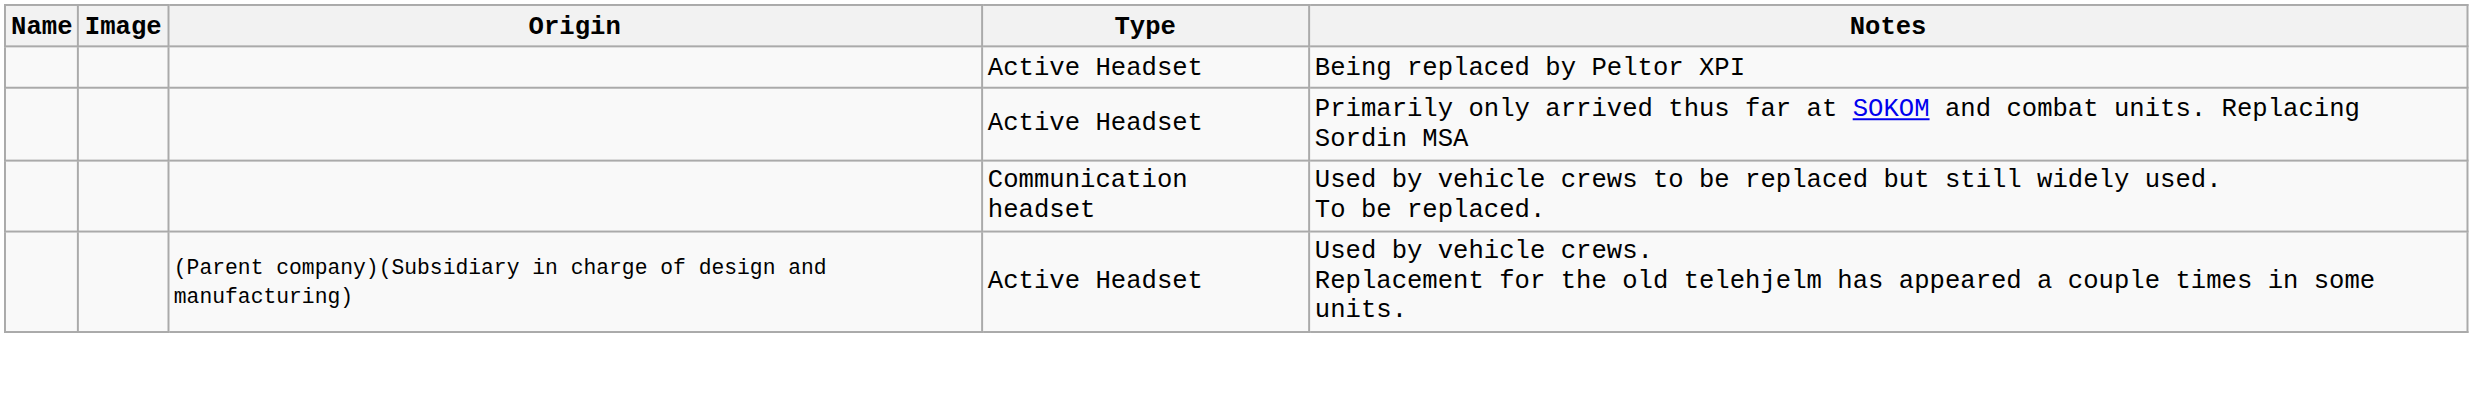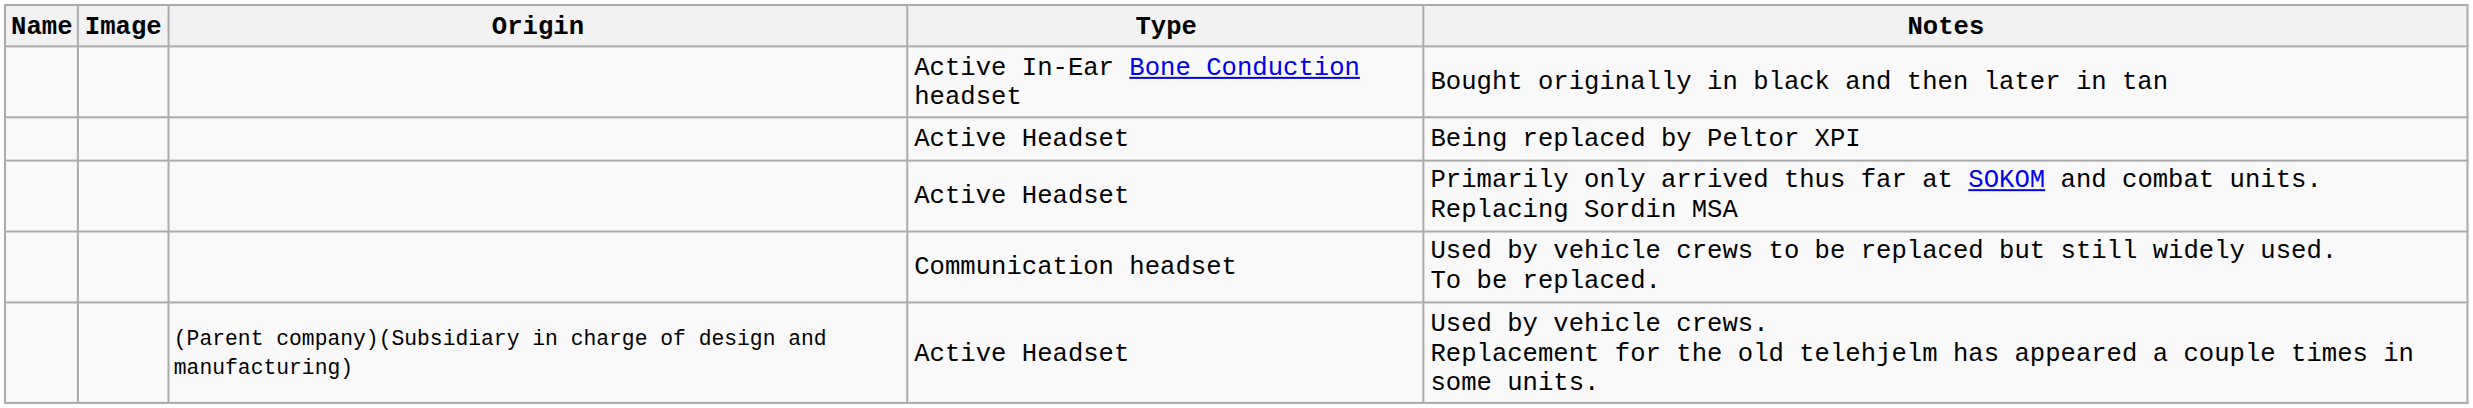 <table class="wikitable">
 <tr>
 <th>Name</th>
 <th>Image</th>
 <th>Origin</th>
 <th>Type</th>
 <th>Notes</th>
+</tr>
+<tr>
+<td></td>
+<td></td>
+<td></td>
+<td>Active In-Ear <a href='#'>Bone Conduction</a> headset</td>
+<td>Bought originally in black and then later in tan</td>
 </tr>
 <tr>
 <td></td>
 <td></td>
 <td></td>
 <td>Active Headset</td>
 <td>Being replaced by Peltor XPI</td>
 </tr>
 <tr>
 <td></td>
 <td></td>
 <td></td>
 <td>Active Headset</td>
 <td>Primarily only arrived thus far at <a href='#'>SOKOM</a> and combat units. Replacing Sordin MSA</td>
 </tr>
 <tr>
 <td></td>
 <td></td>
 <td></td>
 <td>Communication headset</td>
 <td>Used by vehicle crews to be replaced but still widely used.<br>To be replaced.</td>
 </tr>
 <tr>
 <td></td>
 <td></td>
 <td><small>(Parent company)</small><small>(Subsidiary in charge of design and manufacturing)</small></td>
 <td>Active Headset</td>
 <td>Used by vehicle crews.<br>Replacement for the old telehjelm  has appeared a couple times in some units.</td>
 </tr>
 </table>
